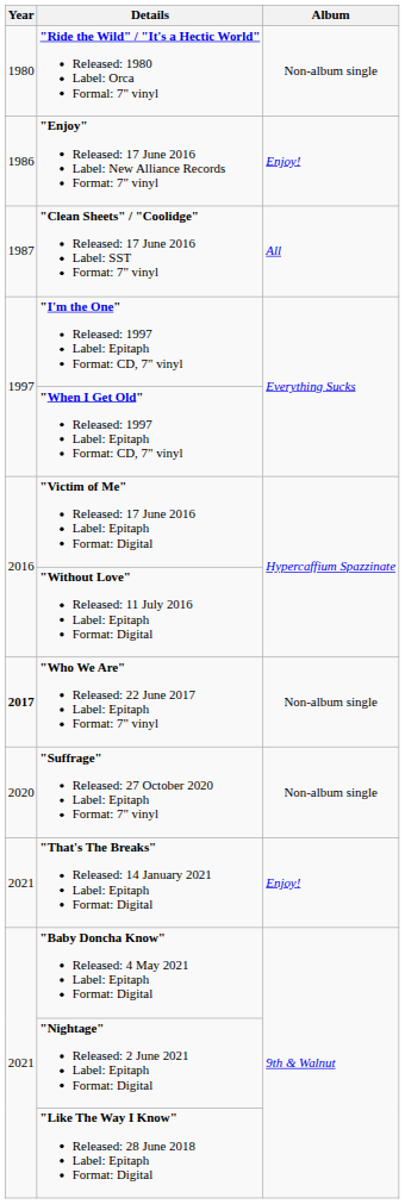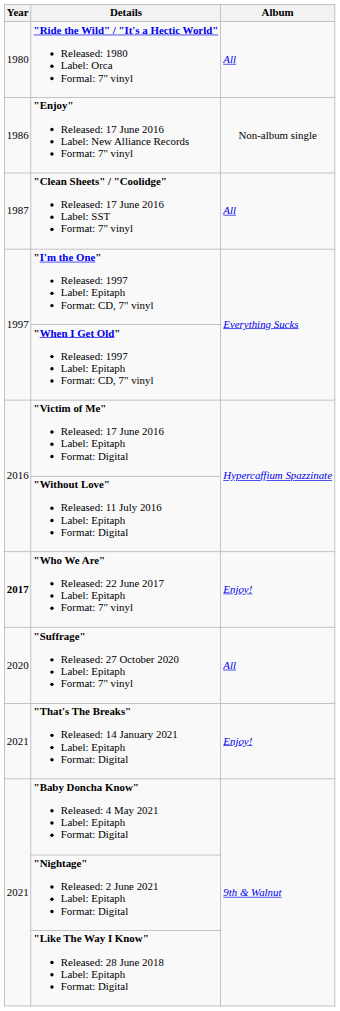 <table class="wikitable">
 <tr>
 <th>Year</th>
 <th>Details</th>
 <th>Album</th>
 </tr>
 <tr>
 <td>1980</td>
 <td><a href='#'><strong>"Ride the Wild" / "It's a Hectic World"</strong></a><br><ul><li>Released: 1980</li><li>Label: Orca</li><li>Formal: 7" vinyl</li></ul></td>
-<td align="center">Non-album single</td>
+<td><a href='#'><em>All</em></a></td>
 </tr>
 <tr>
 <td>1986</td>
 <td><strong>"Enjoy"</strong><br><ul><li>Released: 17 June 2016</li><li>Label: New Alliance Records</li><li>Format: 7" vinyl</li></ul></td>
-<td><a href='#'><em>Enjoy!</em></a></td>
+<td align="center">Non-album single</td>
 </tr>
 <tr>
 <td>1987</td>
 <td><strong>"Clean Sheets" / "Coolidge"</strong><br><ul><li>Released: 17 June 2016</li><li>Label: SST</li><li>Format: 7" vinyl</li></ul></td>
 <td><a href='#'><em>All</em></a></td>
 </tr>
 <tr>
 <td rowspan="2">1997</td>
 <td><strong>"<a href='#'>I'm the One</a>"</strong><br><ul><li>Released: 1997</li><li>Label: Epitaph</li><li>Format: CD, 7" vinyl</li></ul></td>
 <td rowspan="2"><em><a href='#'>Everything Sucks</a></em></td>
 </tr>
 <tr>
 <td><strong>"<a href='#'>When I Get Old</a>"</strong><br><ul><li>Released: 1997</li><li>Label: Epitaph</li><li>Format: CD, 7" vinyl</li></ul></td>
 </tr>
 <tr>
 <td rowspan="2">2016</td>
 <td><strong>"Victim of Me"</strong><br><ul><li>Released: 17 June 2016</li><li>Label: Epitaph</li><li>Format: Digital</li></ul></td>
 <td rowspan="2"><em><a href='#'>Hypercaffium Spazzinate</a></em></td>
 </tr>
 <tr>
 <td><strong>"Without Love"</strong><br><ul><li>Released: 11 July 2016</li><li>Label: Epitaph</li><li>Format: Digital</li></ul></td>
 </tr>
 <tr>
 <td><strong>2017</strong></td>
 <td><strong>"Who We Are"</strong><br><ul><li>Released: 22 June 2017</li><li>Label: Epitaph</li><li>Format: 7" vinyl</li></ul></td>
-<td align="center">Non-album single</td>
+<td><a href='#'><em>Enjoy!</em></a></td>
 </tr>
 <tr>
 <td>2020</td>
 <td><strong>"Suffrage"</strong><br><ul><li>Released: 27 October 2020</li><li>Label: Epitaph</li><li>Format: 7" vinyl</li></ul></td>
-<td align="center">Non-album single</td>
+<td><a href='#'><em>All</em></a></td>
 </tr>
 <tr>
 <td>2021</td>
 <td><strong>"That's The Breaks"</strong><br><ul><li>Released: 14 January 2021</li><li>Label: Epitaph</li><li>Format: Digital</li></ul></td>
 <td><a href='#'><em>Enjoy!</em></a></td>
 </tr>
 <tr>
 <td rowspan="3">2021</td>
 <td><strong>"Baby Doncha Know"</strong><br><ul><li>Released: 4 May 2021</li><li>Label: Epitaph</li><li>Format: Digital</li></ul></td>
 <td rowspan="3"><em><a href='#'>9th & Walnut</a></em></td>
 </tr>
 <tr>
 <td><strong>"Nightage"</strong><br><ul><li>Released: 2 June 2021</li><li>Label: Epitaph</li><li>Format: Digital</li></ul></td>
 </tr>
 <tr>
 <td><strong>"Like The Way I Know"</strong><br><ul><li>Released: 28 June 2018</li><li>Label: Epitaph</li><li>Format: Digital</li></ul></td>
 </tr>
 </table>
